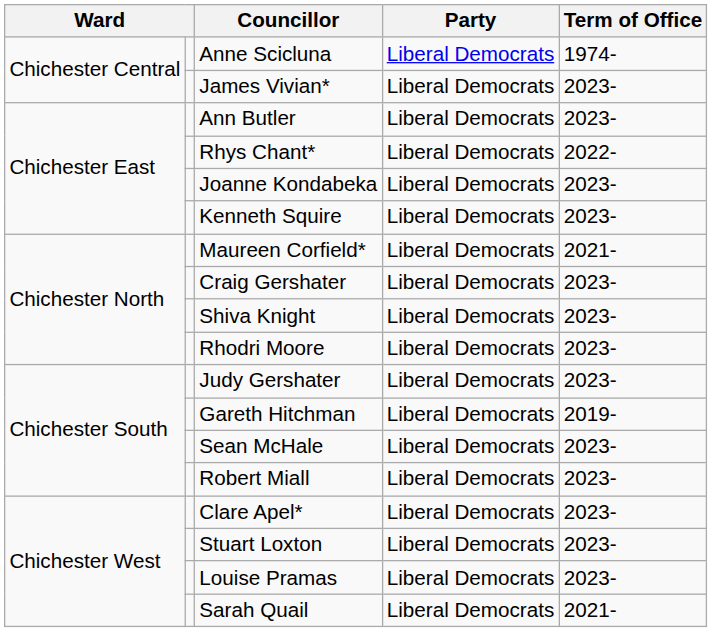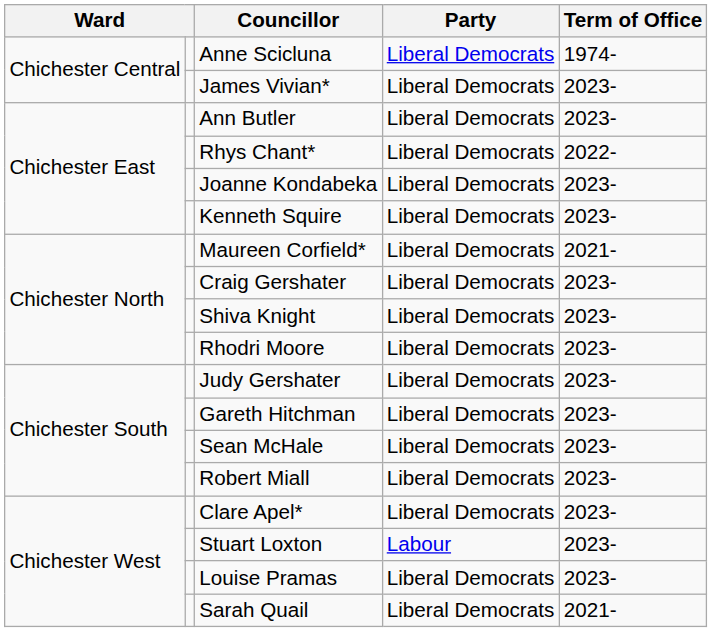 <table class="wikitable">
 <tr>
 <th colspan="2">Ward</th>
 <th>Councillor</th>
 <th>Party</th>
 <th>Term of Office</th>
 </tr>
 <tr>
 <td rowspan="2">Chichester Central</td>
 <td style="background-color: "></td>
 <td>Anne Scicluna</td>
 <td><a href='#'>Liberal Democrats</a></td>
 <td>1974-</td>
 </tr>
 <tr>
 <td style="background-color: "></td>
 <td>James Vivian*</td>
 <td>Liberal Democrats</td>
 <td>2023-</td>
 </tr>
 <tr>
 <td rowspan="4">Chichester East</td>
 <td style="background-color: "></td>
 <td>Ann Butler</td>
 <td>Liberal Democrats</td>
 <td>2023-</td>
 </tr>
 <tr>
 <td style="background-color: "></td>
 <td>Rhys Chant*</td>
 <td>Liberal Democrats</td>
 <td>2022-</td>
 </tr>
 <tr>
 <td style="background-color: "></td>
 <td>Joanne Kondabeka</td>
 <td>Liberal Democrats</td>
 <td>2023-</td>
 </tr>
 <tr>
 <td style="background-color: "></td>
 <td>Kenneth Squire</td>
 <td>Liberal Democrats</td>
 <td>2023-</td>
 </tr>
 <tr>
 <td rowspan="4">Chichester North</td>
 <td style="background-color: "></td>
 <td>Maureen Corfield*</td>
 <td>Liberal Democrats</td>
 <td>2021-</td>
 </tr>
 <tr>
 <td style="background-color: "></td>
 <td>Craig Gershater</td>
 <td>Liberal Democrats</td>
 <td>2023-</td>
 </tr>
 <tr>
 <td style="background-color: "></td>
 <td>Shiva Knight</td>
 <td>Liberal Democrats</td>
 <td>2023-</td>
 </tr>
 <tr>
 <td style="background-color: "></td>
 <td>Rhodri Moore</td>
 <td>Liberal Democrats</td>
 <td>2023-</td>
 </tr>
 <tr>
 <td rowspan="4">Chichester South</td>
 <td style="background-color: "></td>
 <td>Judy Gershater</td>
 <td>Liberal Democrats</td>
 <td>2023-</td>
 </tr>
 <tr>
 <td style="background-color: "></td>
 <td>Gareth Hitchman</td>
 <td>Liberal Democrats</td>
-<td>2019-</td>
+<td>2023-</td>
 </tr>
 <tr>
 <td style="background-color: "></td>
 <td>Sean McHale</td>
 <td>Liberal Democrats</td>
 <td>2023-</td>
 </tr>
 <tr>
 <td style="background-color: "></td>
 <td>Robert Miall</td>
 <td>Liberal Democrats</td>
 <td>2023-</td>
 </tr>
 <tr>
 <td rowspan="4">Chichester West</td>
 <td style="background-color: "></td>
 <td>Clare Apel*</td>
 <td>Liberal Democrats</td>
 <td>2023-</td>
 </tr>
 <tr>
 <td style="background-color: "></td>
 <td>Stuart Loxton</td>
-<td>Liberal Democrats</td>
+<td><a href='#'>Labour</a></td>
 <td>2023-</td>
 </tr>
 <tr>
 <td style="background-color: "></td>
 <td>Louise Pramas</td>
 <td>Liberal Democrats</td>
 <td>2023-</td>
 </tr>
 <tr>
 <td style="background-color: "></td>
 <td>Sarah Quail</td>
 <td>Liberal Democrats</td>
 <td>2021-</td>
 </tr>
 </table>
